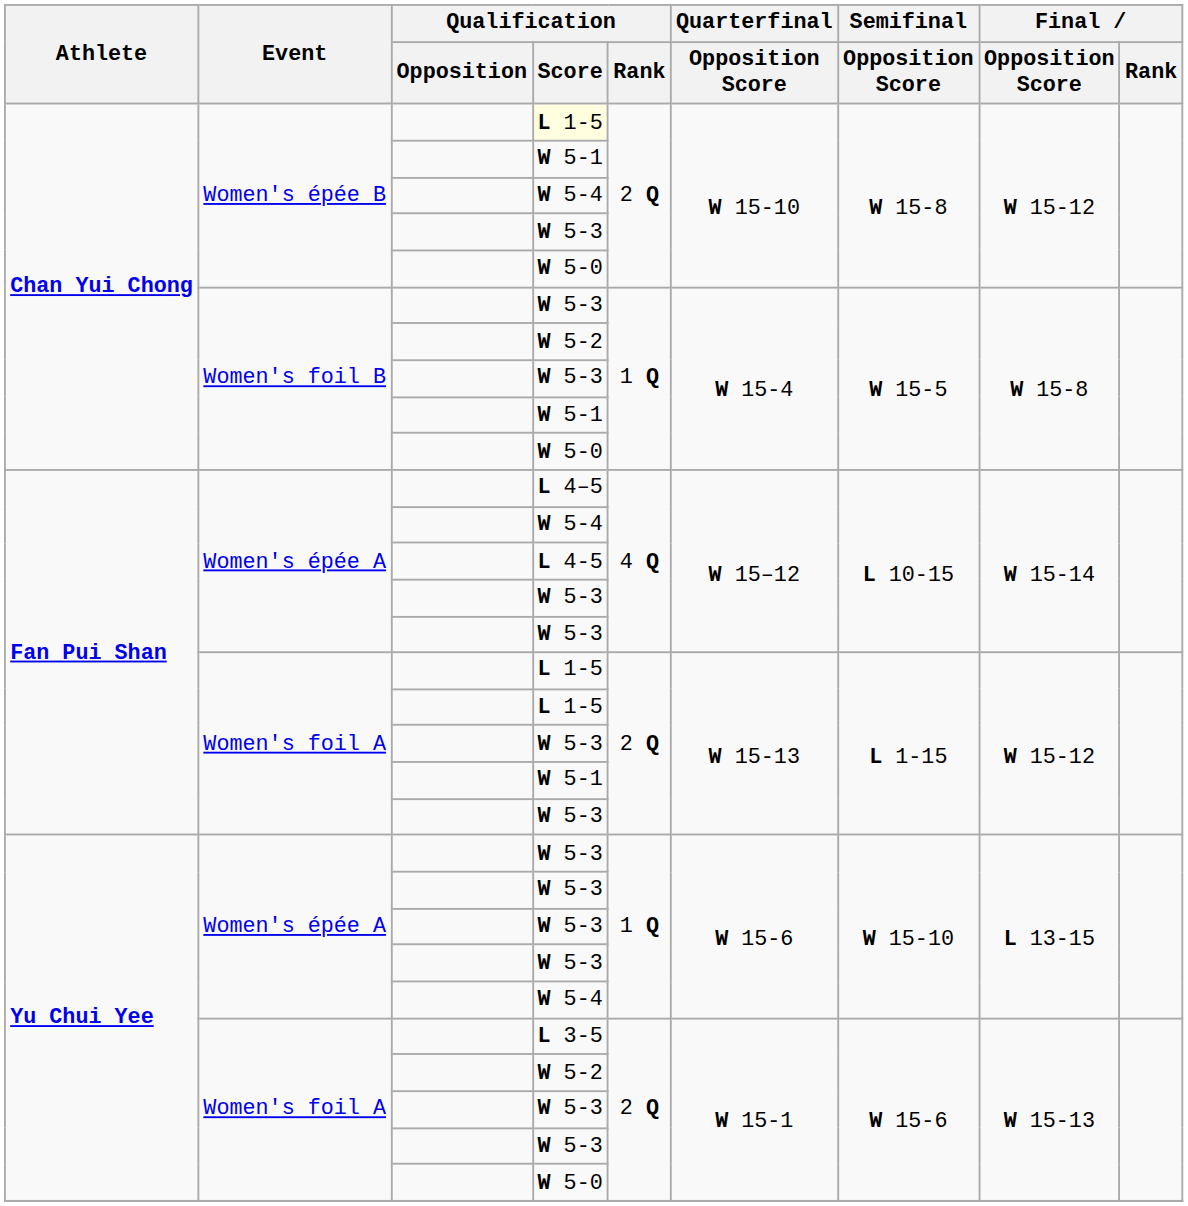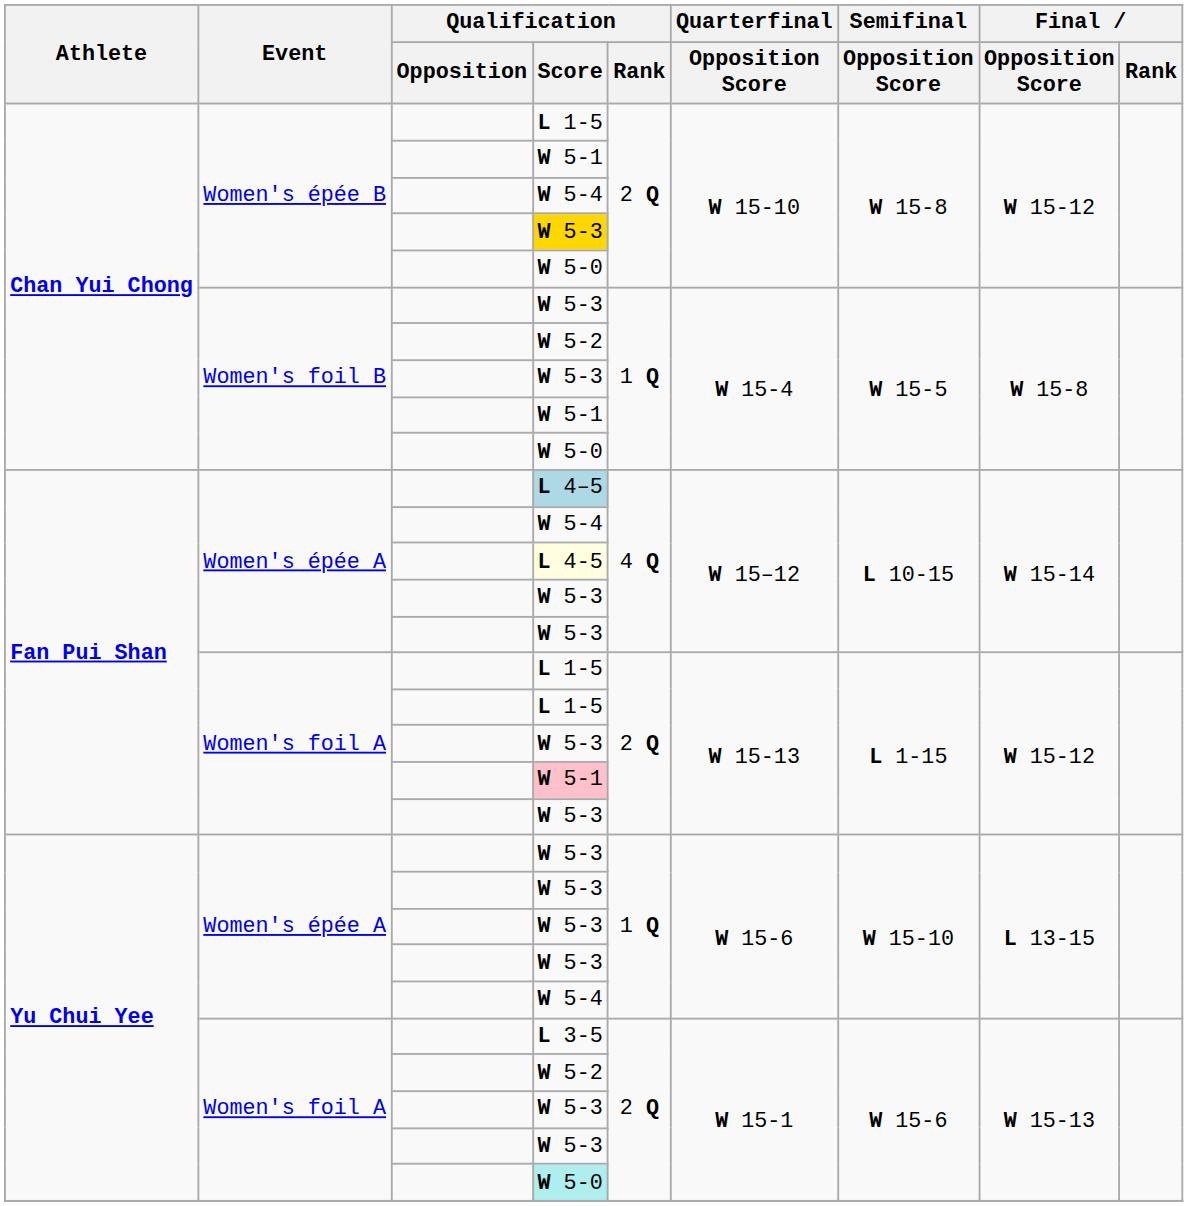 <table class=wikitable style="font-size:90%">
 <tr>
 <th rowspan="2">Athlete</th>
 <th rowspan="2">Event</th>
 <th colspan="3">Qualification</th>
 <th>Quarterfinal</th>
 <th>Semifinal</th>
 <th colspan="2">Final / </th>
 </tr>
 <tr>
 <th>Opposition</th>
 <th>Score</th>
 <th>Rank</th>
 <th>Opposition<br>Score</th>
 <th>Opposition<br>Score</th>
 <th>Opposition<br>Score</th>
 <th>Rank</th>
 </tr>
 <tr>
 <td rowspan=10><strong><a href='#'>Chan Yui Chong</a></strong></td>
 <td rowspan=5><a href='#'>Women's épée B</a></td>
 <td></td>
-<td style="background: lightyellow;"><strong>L</strong> 1-5</td>
+<td><strong>L</strong> 1-5</td>
 <td align="center" rowspan=5>2 <strong>Q</strong></td>
 <td align="center" rowspan=5><br><strong>W</strong> 15-10</td>
 <td align="center" rowspan=5><br><strong>W</strong> 15-8</td>
 <td align="center" rowspan=5><br><strong>W</strong> 15-12</td>
 <td align="center" rowspan=5></td>
 </tr>
 <tr>
 <td></td>
 <td><strong>W</strong> 5-1</td>
 </tr>
 <tr>
 <td></td>
 <td><strong>W</strong> 5-4</td>
 </tr>
 <tr>
 <td></td>
-<td><strong>W</strong> 5-3</td>
+<td style="background: gold;"><strong>W</strong> 5-3</td>
 </tr>
 <tr>
 <td></td>
 <td><strong>W</strong> 5-0</td>
 </tr>
 <tr>
 <td rowspan=5><a href='#'>Women's foil B</a></td>
 <td></td>
 <td><strong>W</strong> 5-3</td>
 <td align="center" rowspan=5>1 <strong>Q</strong></td>
 <td align="center" rowspan=5><br><strong>W</strong> 15-4</td>
 <td align="center" rowspan=5><br><strong>W</strong> 15-5</td>
 <td align="center" rowspan=5><br><strong>W</strong> 15-8</td>
 <td align="center" rowspan=5></td>
 </tr>
 <tr>
 <td></td>
 <td><strong>W</strong> 5-2</td>
 </tr>
 <tr>
 <td></td>
 <td><strong>W</strong> 5-3</td>
 </tr>
 <tr>
 <td></td>
 <td><strong>W</strong> 5-1</td>
 </tr>
 <tr>
 <td></td>
 <td><strong>W</strong> 5-0</td>
 </tr>
 <tr>
 <td rowspan=10><strong><a href='#'>Fan Pui Shan</a></strong></td>
 <td rowspan=5><a href='#'>Women's épée A</a></td>
 <td></td>
-<td><strong>L</strong> 4–5</td>
+<td style="background: lightblue;"><strong>L</strong> 4–5</td>
 <td align="center" rowspan=5>4 <strong>Q</strong></td>
 <td align="center" rowspan=5><br><strong>W</strong> 15–12</td>
 <td align="center" rowspan=5><br><strong>L</strong> 10-15</td>
 <td align="center" rowspan=5><br><strong>W</strong> 15-14</td>
 <td align="center" rowspan=5></td>
 </tr>
 <tr>
 <td></td>
 <td><strong>W</strong> 5-4</td>
 </tr>
 <tr>
 <td></td>
-<td><strong>L</strong> 4-5</td>
+<td style="background: lightyellow;"><strong>L</strong> 4-5</td>
 </tr>
 <tr>
 <td></td>
 <td><strong>W</strong> 5-3</td>
 </tr>
 <tr>
 <td></td>
 <td><strong>W</strong> 5-3</td>
 </tr>
 <tr>
 <td rowspan=5><a href='#'>Women's foil A</a></td>
 <td></td>
 <td><strong>L</strong> 1-5</td>
 <td align="center" rowspan=5>2 <strong>Q</strong></td>
 <td align="center" rowspan=5><br><strong>W</strong> 15-13</td>
 <td align="center" rowspan=5><br><strong>L</strong> 1-15</td>
 <td align="center" rowspan=5><br><strong>W</strong> 15-12</td>
 <td align="center" rowspan=5></td>
 </tr>
 <tr>
 <td></td>
 <td><strong>L</strong> 1-5</td>
 </tr>
 <tr>
 <td></td>
 <td><strong>W</strong> 5-3</td>
 </tr>
 <tr>
 <td></td>
-<td><strong>W</strong> 5-1</td>
+<td style="background: pink;"><strong>W</strong> 5-1</td>
 </tr>
 <tr>
 <td></td>
 <td><strong>W</strong> 5-3</td>
 </tr>
 <tr>
 <td rowspan=10><strong><a href='#'>Yu Chui Yee</a></strong></td>
 <td rowspan=5><a href='#'>Women's épée A</a></td>
 <td></td>
 <td><strong>W</strong> 5-3</td>
 <td align="center" rowspan=5>1 <strong>Q</strong></td>
 <td align="center" rowspan=5><br><strong>W</strong> 15-6</td>
 <td align="center" rowspan=5><br><strong>W</strong> 15-10</td>
 <td align="center" rowspan=5><br><strong>L</strong> 13-15</td>
 <td align="center" rowspan=5></td>
 </tr>
 <tr>
 <td></td>
 <td><strong>W</strong> 5-3</td>
 </tr>
 <tr>
 <td></td>
 <td><strong>W</strong> 5-3</td>
 </tr>
 <tr>
 <td></td>
 <td><strong>W</strong> 5-3</td>
 </tr>
 <tr>
 <td></td>
 <td><strong>W</strong> 5-4</td>
 </tr>
 <tr>
 <td rowspan=5><a href='#'>Women's foil A</a></td>
 <td></td>
 <td><strong>L</strong> 3-5</td>
 <td align="center" rowspan=5>2 <strong>Q</strong></td>
 <td align="center" rowspan=5><br><strong>W</strong> 15-1</td>
 <td align="center" rowspan=5><br><strong>W</strong> 15-6</td>
 <td align="center" rowspan=5><br><strong>W</strong> 15-13</td>
 <td align="center" rowspan=5></td>
 </tr>
 <tr>
 <td></td>
 <td><strong>W</strong> 5-2</td>
 </tr>
 <tr>
 <td></td>
 <td><strong>W</strong> 5-3</td>
 </tr>
 <tr>
 <td></td>
 <td><strong>W</strong> 5-3</td>
 </tr>
 <tr>
 <td></td>
-<td><strong>W</strong> 5-0</td>
+<td style="background: paleturquoise;"><strong>W</strong> 5-0</td>
 </tr>
 <tr>
 </tr>
 </table>
